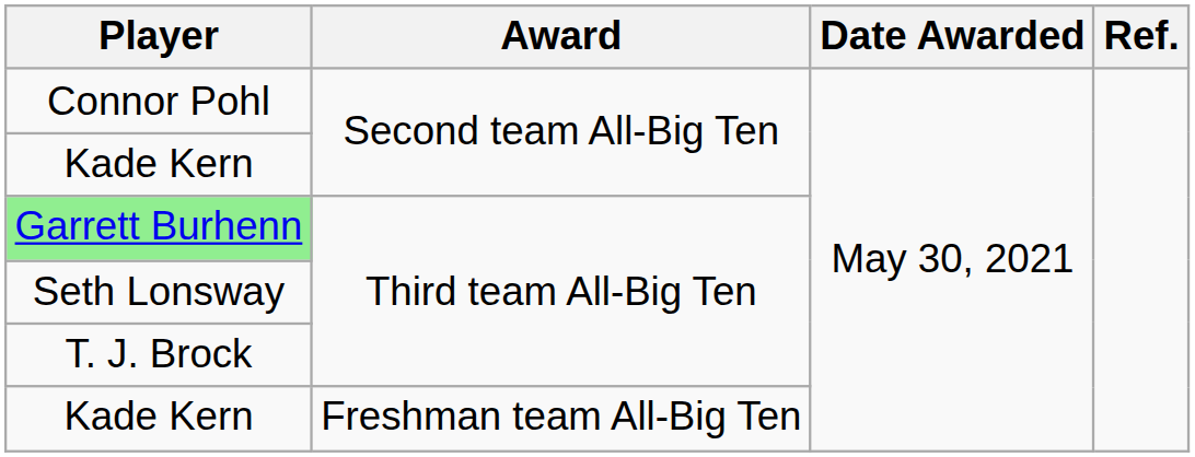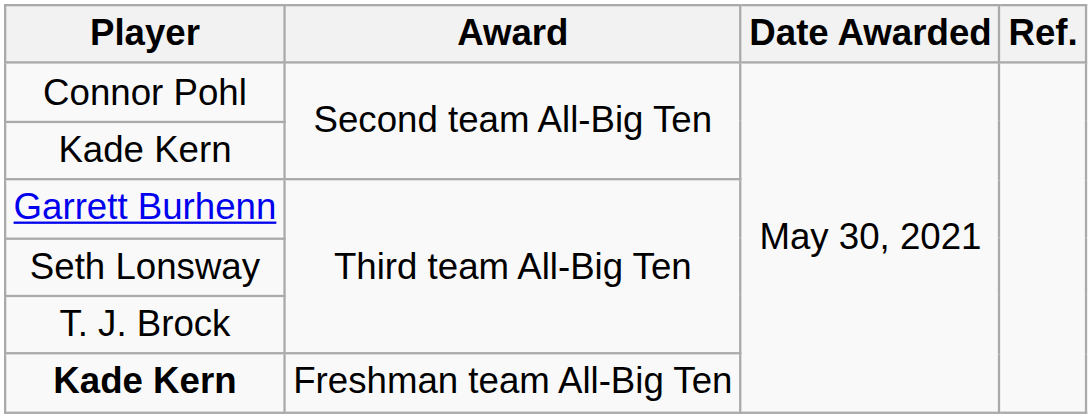 <table class="wikitable sortable sortable" style="text-align: center">
 <tr align=center>
 <th>Player</th>
 <th>Award</th>
 <th>Date Awarded</th>
 <th>Ref.</th>
 </tr>
 <tr>
 <td>Connor Pohl</td>
 <td rowspan="2">Second team All-Big Ten</td>
 <td rowspan="7">May 30, 2021</td>
 <td rowspan="7"></td>
 </tr>
 <tr>
 <td>Kade Kern</td>
 </tr>
 <tr>
-<td style="background: lightgreen;"><a href='#'>Garrett Burhenn</a></td>
+<td><a href='#'>Garrett Burhenn</a></td>
 <td rowspan="3">Third team All-Big Ten</td>
 </tr>
 <tr>
 <td>Seth Lonsway</td>
 </tr>
 <tr>
 <td>T. J. Brock</td>
 </tr>
 <tr>
-<td>Kade Kern</td>
+<td><strong>Kade Kern</strong></td>
 <td rowspan="1">Freshman team All-Big Ten</td>
 </tr>
 </table>
